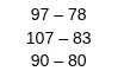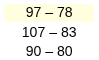 <table style="text-align:center">
 <tr>
 <th width=200></th>
 <th width=100></th>
 <th width=200></th>
 <th></th>
 </tr>
 <tr>
 <td align=right><strong></strong></td>
-<td>97 – 78</td>
+<td style="background: lightyellow;">97 – 78</td>
 <td align=left></td>
 </tr>
 <tr>
 <td align=right><strong></strong></td>
 <td>107 – 83</td>
 <td align=left></td>
 </tr>
 <tr>
 <td align=right><strong></strong></td>
 <td>90 – 80</td>
 <td align=left></td>
 </tr>
 </table>
